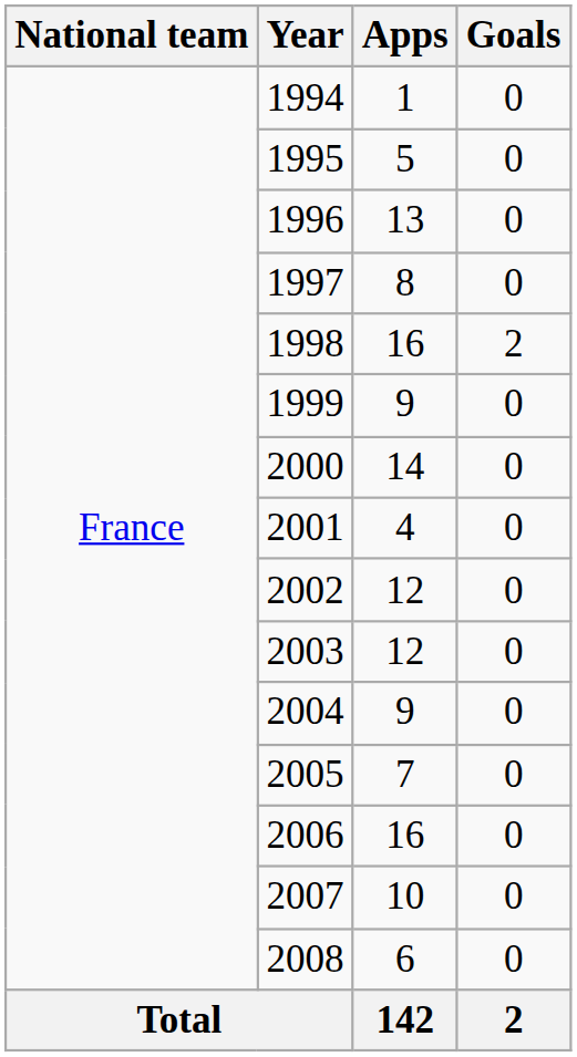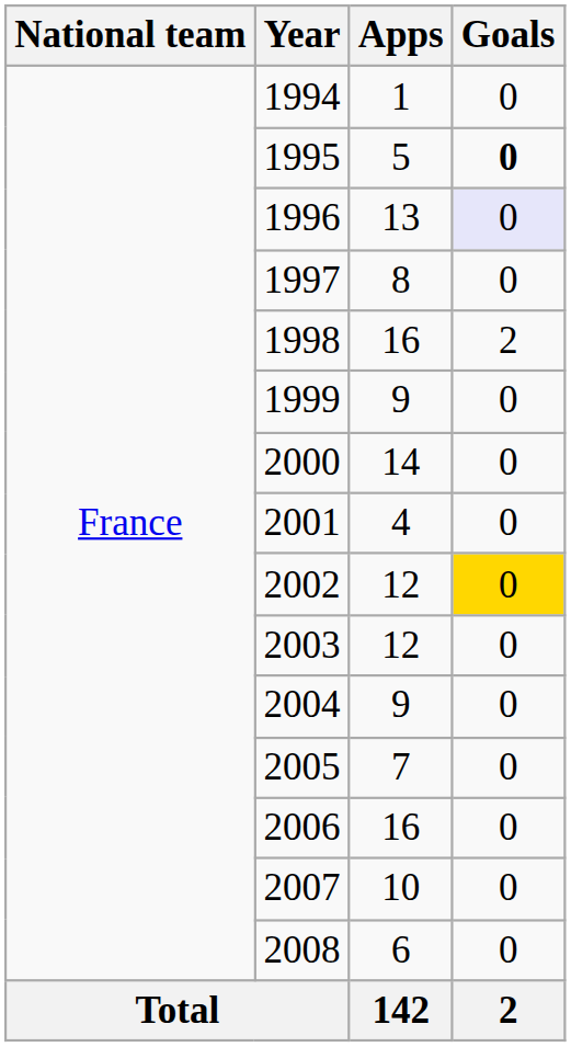 <table class="wikitable" style="text-align:center">
 <tr>
 <th>National team</th>
 <th>Year</th>
 <th>Apps</th>
 <th>Goals</th>
 </tr>
 <tr>
 <td rowspan="15"><a href='#'>France</a></td>
 <td>1994</td>
 <td>1</td>
 <td>0</td>
 </tr>
 <tr>
 <td>1995</td>
 <td>5</td>
-<td>0</td>
+<td><strong>0</strong></td>
 </tr>
 <tr>
 <td>1996</td>
 <td>13</td>
-<td>0</td>
+<td style="background: lavender;">0</td>
 </tr>
 <tr>
 <td>1997</td>
 <td>8</td>
 <td>0</td>
 </tr>
 <tr>
 <td>1998</td>
 <td>16</td>
 <td>2</td>
 </tr>
 <tr>
 <td>1999</td>
 <td>9</td>
 <td>0</td>
 </tr>
 <tr>
 <td>2000</td>
 <td>14</td>
 <td>0</td>
 </tr>
 <tr>
 <td>2001</td>
 <td>4</td>
 <td>0</td>
 </tr>
 <tr>
 <td>2002</td>
 <td>12</td>
-<td>0</td>
+<td style="background: gold;">0</td>
 </tr>
 <tr>
 <td>2003</td>
 <td>12</td>
 <td>0</td>
 </tr>
 <tr>
 <td>2004</td>
 <td>9</td>
 <td>0</td>
 </tr>
 <tr>
 <td>2005</td>
 <td>7</td>
 <td>0</td>
 </tr>
 <tr>
 <td>2006</td>
 <td>16</td>
 <td>0</td>
 </tr>
 <tr>
 <td>2007</td>
 <td>10</td>
 <td>0</td>
 </tr>
 <tr>
 <td>2008</td>
 <td>6</td>
 <td>0</td>
 </tr>
 <tr>
 <th colspan="2">Total</th>
 <th>142</th>
 <th>2</th>
 </tr>
 </table>
